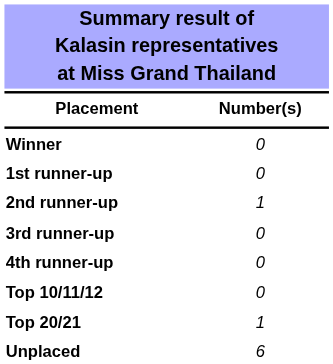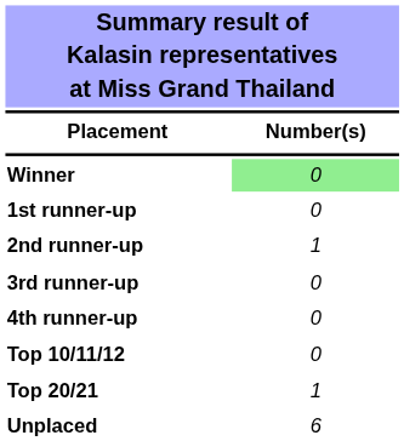 <table style="width: 270px; font-size:85%; line-height:1.5em;">
 <tr>
 <th colspan="2" align="center" style="background:#AAF;"><big>Summary result of<br>Kalasin representatives<br>at Miss Grand Thailand</big></th>
 </tr>
 <tr>
 <td colspan="2" style="background:black"></td>
 </tr>
 <tr>
 <th scope="col">Placement</th>
 <th scope="col">Number(s)</th>
 </tr>
 <tr>
 <td colspan="2" style="background:black"></td>
 </tr>
 <tr>
 <td align="left"><strong>Winner</strong></td>
-<td align="center"><em>0</em></td>
+<td align="center" style="background: lightgreen;"><em>0</em></td>
 </tr>
 <tr>
 <td align="left"><strong>1st runner-up</strong></td>
 <td align="center"><em>0</em></td>
 </tr>
 <tr>
 <td align="left"><strong>2nd runner-up</strong></td>
 <td align="center"><em>1</em></td>
 </tr>
 <tr>
 <td align="left"><strong>3rd runner-up</strong></td>
 <td align="center"><em>0</em></td>
 </tr>
 <tr>
 <td align="left"><strong>4th runner-up</strong></td>
 <td align="center"><em>0</em></td>
 </tr>
 <tr>
 <td align="left"><strong>Top 10/11/12</strong></td>
 <td align="center"><em>0</em></td>
 </tr>
 <tr>
 <td align="left"><strong>Top 20/21</strong></td>
 <td align="center"><em>1</em></td>
 </tr>
 <tr>
 <td align="left"><strong>Unplaced</strong></td>
 <td align="center"><em>6</em></td>
 </tr>
 </table>
